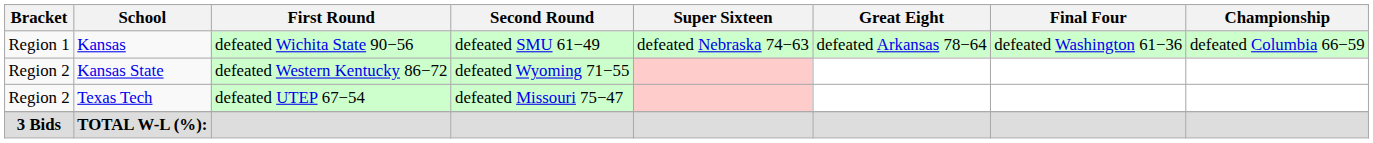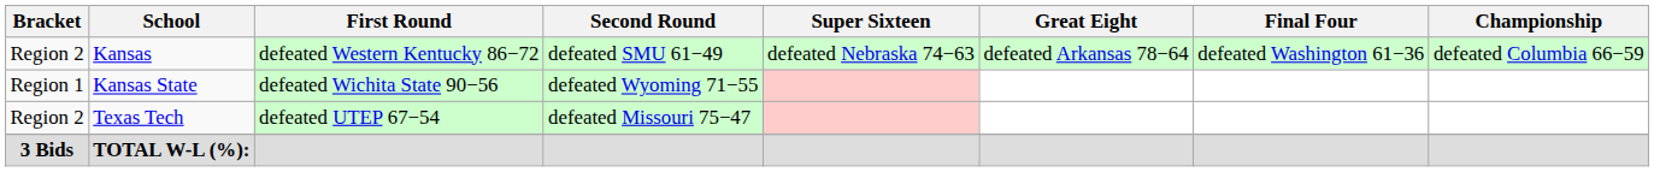 <table class="sortable wikitable" style="white-space:nowrap; font-size:100%;">
 <tr>
 <th>Bracket</th>
 <th>School</th>
 <th>First Round</th>
 <th>Second Round</th>
 <th>Super Sixteen</th>
 <th>Great Eight</th>
 <th>Final Four</th>
 <th>Championship</th>
 </tr>
 <tr>
-<td>Region 1</td>
+<td>Region 2</td>
 <td><a href='#'>Kansas</a></td>
-<td style="background:#cfc;">defeated <a href='#'>Wichita State</a> 90−56</td>
+<td style="background:#cfc;">defeated <a href='#'>Western Kentucky</a> 86−72</td>
 <td style="background:#cfc;">defeated <a href='#'>SMU</a> 61−49</td>
 <td style="background:#cfc;">defeated <a href='#'>Nebraska</a> 74−63</td>
 <td style="background:#cfc;">defeated <a href='#'>Arkansas</a> 78−64</td>
 <td style="background:#cfc;">defeated <a href='#'>Washington</a> 61−36</td>
 <td style="background:#cfc;">defeated <a href='#'>Columbia</a> 66−59</td>
 </tr>
 <tr>
-<td>Region 2</td>
+<td>Region 1</td>
 <td><a href='#'>Kansas State</a></td>
-<td style="background:#cfc;">defeated <a href='#'>Western Kentucky</a> 86−72</td>
+<td style="background:#cfc;">defeated <a href='#'>Wichita State</a> 90−56</td>
 <td style="background:#cfc;">defeated <a href='#'>Wyoming</a> 71−55</td>
 <td style="background:#fcc;"></td>
 <td style="background:#fff;"></td>
 <td style="background:#fff;"></td>
 <td style="background:#fff;"></td>
 </tr>
 <tr>
 <td>Region 2</td>
 <td><a href='#'>Texas Tech</a></td>
 <td style="background:#cfc;">defeated <a href='#'>UTEP</a> 67−54</td>
 <td style="background:#cfc;">defeated <a href='#'>Missouri</a> 75−47</td>
 <td style="background:#fcc;"></td>
 <td style="background:#fff;"></td>
 <td style="background:#fff;"></td>
 <td style="background:#fff;"></td>
 </tr>
 <tr>
 </tr>
 <tr class="sortbottom" style="text-align:center; background:#ddd;">
 <td><strong>3 Bids</strong></td>
 <td><strong>TOTAL W-L (%):</strong> </td>
 <td></td>
 <td></td>
 <td></td>
 <td></td>
 <td></td>
 <td></td>
 </tr>
 </table>
